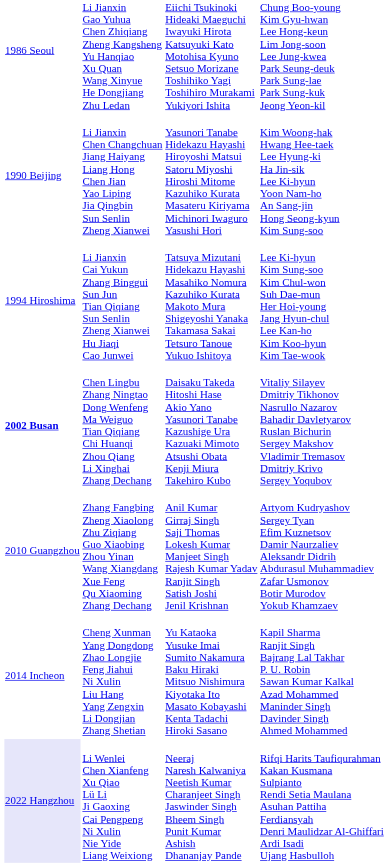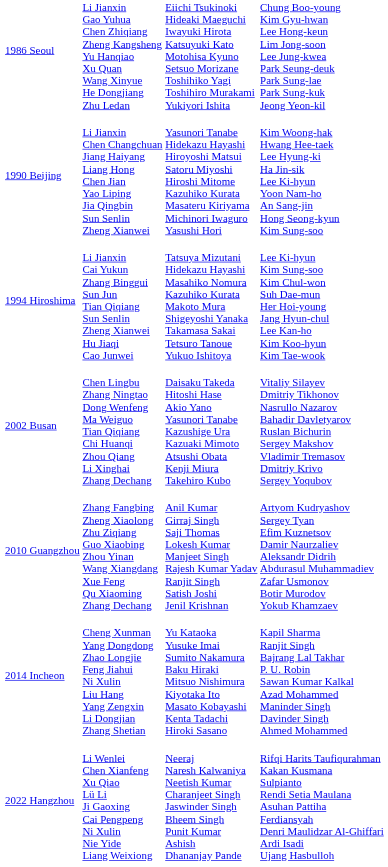 <table>
 <tr>
 <td><a href='#'>1986 Seoul</a></td>
 <td><br><a href='#'>Li Jianxin</a><br><a href='#'>Gao Yuhua</a><br><a href='#'>Chen Zhiqiang</a><br><a href='#'>Zheng Kangsheng</a><br><a href='#'>Yu Hanqiao</a><br><a href='#'>Xu Quan</a><br><a href='#'>Wang Xinyue</a><br><a href='#'>He Dongjiang</a><br><a href='#'>Zhu Ledan</a></td>
 <td><br><a href='#'>Eiichi Tsukinoki</a><br><a href='#'>Hideaki Maeguchi</a><br><a href='#'>Iwayuki Hirota</a><br><a href='#'>Katsuyuki Kato</a><br><a href='#'>Motohisa Kyuno</a><br><a href='#'>Setsuo Morizane</a><br><a href='#'>Toshihiko Yagi</a><br><a href='#'>Toshihiro Murakami</a><br><a href='#'>Yukiyori Ishita</a></td>
 <td><br><a href='#'>Chung Boo-young</a><br><a href='#'>Kim Gyu-hwan</a><br><a href='#'>Lee Hong-keun</a><br><a href='#'>Lim Jong-soon</a><br><a href='#'>Lee Jung-kwea</a><br><a href='#'>Park Seung-deuk</a><br><a href='#'>Park Sung-lae</a><br><a href='#'>Park Sung-kuk</a><br><a href='#'>Jeong Yeon-kil</a></td>
 </tr>
 <tr>
 <td><a href='#'>1990 Beijing</a></td>
 <td><br><a href='#'>Li Jianxin</a><br><a href='#'>Chen Changchuan</a><br><a href='#'>Jiang Haiyang</a><br><a href='#'>Liang Hong</a><br><a href='#'>Chen Jian</a><br><a href='#'>Yao Liping</a><br><a href='#'>Jia Qingbin</a><br><a href='#'>Sun Senlin</a><br><a href='#'>Zheng Xianwei</a></td>
 <td><br><a href='#'>Yasunori Tanabe</a><br><a href='#'>Hidekazu Hayashi</a><br><a href='#'>Hiroyoshi Matsui</a><br><a href='#'>Satoru Miyoshi</a><br><a href='#'>Hiroshi Mitome</a><br><a href='#'>Kazuhiko Kurata</a><br><a href='#'>Masateru Kiriyama</a><br><a href='#'>Michinori Iwaguro</a><br><a href='#'>Yasushi Hori</a></td>
 <td><br><a href='#'>Kim Woong-hak</a><br><a href='#'>Hwang Hee-taek</a><br><a href='#'>Lee Hyung-ki</a><br><a href='#'>Ha Jin-sik</a><br><a href='#'>Lee Ki-hyun</a><br><a href='#'>Yoon Nam-ho</a><br><a href='#'>An Sang-jin</a><br><a href='#'>Hong Seong-kyun</a><br><a href='#'>Kim Sung-soo</a></td>
 </tr>
 <tr>
 <td><a href='#'>1994 Hiroshima</a></td>
 <td><br><a href='#'>Li Jianxin</a><br><a href='#'>Cai Yukun</a><br><a href='#'>Zhang Binggui</a><br><a href='#'>Sun Jun</a><br><a href='#'>Tian Qiqiang</a><br><a href='#'>Sun Senlin</a><br><a href='#'>Zheng Xianwei</a><br><a href='#'>Hu Jiaqi</a><br><a href='#'>Cao Junwei</a></td>
 <td><br><a href='#'>Tatsuya Mizutani</a><br><a href='#'>Hidekazu Hayashi</a><br><a href='#'>Masahiko Nomura</a><br><a href='#'>Kazuhiko Kurata</a><br><a href='#'>Makoto Mura</a><br><a href='#'>Shigeyoshi Yanaka</a><br><a href='#'>Takamasa Sakai</a><br><a href='#'>Tetsuro Tanoue</a><br><a href='#'>Yukuo Ishitoya</a></td>
 <td><br><a href='#'>Lee Ki-hyun</a><br><a href='#'>Kim Sung-soo</a><br><a href='#'>Kim Chul-won</a><br><a href='#'>Suh Dae-mun</a><br><a href='#'>Her Hoi-young</a><br><a href='#'>Jang Hyun-chul</a><br><a href='#'>Lee Kan-ho</a><br><a href='#'>Kim Koo-hyun</a><br><a href='#'>Kim Tae-wook</a></td>
 </tr>
 <tr>
-<td><strong><a href='#'>2002 Busan</a></strong></td>
+<td><a href='#'>2002 Busan</a></td>
 <td><br><a href='#'>Chen Lingbu</a><br><a href='#'>Zhang Ningtao</a><br><a href='#'>Dong Wenfeng</a><br><a href='#'>Ma Weiguo</a><br><a href='#'>Tian Qiqiang</a><br><a href='#'>Chi Huanqi</a><br><a href='#'>Zhou Qiang</a><br><a href='#'>Li Xinghai</a><br><a href='#'>Zhang Dechang</a></td>
 <td><br><a href='#'>Daisaku Takeda</a><br><a href='#'>Hitoshi Hase</a><br><a href='#'>Akio Yano</a><br><a href='#'>Yasunori Tanabe</a><br><a href='#'>Kazushige Ura</a><br><a href='#'>Kazuaki Mimoto</a><br><a href='#'>Atsushi Obata</a><br><a href='#'>Kenji Miura</a><br><a href='#'>Takehiro Kubo</a></td>
 <td><br><a href='#'>Vitaliy Silayev</a><br><a href='#'>Dmitriy Tikhonov</a><br><a href='#'>Nasrullo Nazarov</a><br><a href='#'>Bahadir Davletyarov</a><br><a href='#'>Ruslan Bichurin</a><br><a href='#'>Sergey Makshov</a><br><a href='#'>Vladimir Tremasov</a><br><a href='#'>Dmitriy Krivo</a><br><a href='#'>Sergey Yoqubov</a></td>
 </tr>
 <tr>
 <td><a href='#'>2010 Guangzhou</a></td>
 <td><br><a href='#'>Zhang Fangbing</a><br><a href='#'>Zheng Xiaolong</a><br><a href='#'>Zhu Ziqiang</a><br><a href='#'>Guo Xiaobing</a><br><a href='#'>Zhou Yinan</a><br><a href='#'>Wang Xiangdang</a><br><a href='#'>Xue Feng</a><br><a href='#'>Qu Xiaoming</a><br><a href='#'>Zhang Dechang</a></td>
 <td><br><a href='#'>Anil Kumar</a><br><a href='#'>Girraj Singh</a><br><a href='#'>Saji Thomas</a><br><a href='#'>Lokesh Kumar</a><br><a href='#'>Manjeet Singh</a><br><a href='#'>Rajesh Kumar Yadav</a><br><a href='#'>Ranjit Singh</a><br><a href='#'>Satish Joshi</a><br><a href='#'>Jenil Krishnan</a></td>
 <td><br><a href='#'>Artyom Kudryashov</a><br><a href='#'>Sergey Tyan</a><br><a href='#'>Efim Kuznetsov</a><br><a href='#'>Damir Naurzaliev</a><br><a href='#'>Aleksandr Didrih</a><br><a href='#'>Abdurasul Muhammadiev</a><br><a href='#'>Zafar Usmonov</a><br><a href='#'>Botir Murodov</a><br><a href='#'>Yokub Khamzaev</a></td>
 </tr>
 <tr>
 <td><a href='#'>2014 Incheon</a></td>
 <td><br><a href='#'>Cheng Xunman</a><br><a href='#'>Yang Dongdong</a><br><a href='#'>Zhao Longjie</a><br><a href='#'>Feng Jiahui</a><br><a href='#'>Ni Xulin</a><br><a href='#'>Liu Hang</a><br><a href='#'>Yang Zengxin</a><br><a href='#'>Li Dongjian</a><br><a href='#'>Zhang Shetian</a></td>
 <td><br><a href='#'>Yu Kataoka</a><br><a href='#'>Yusuke Imai</a><br><a href='#'>Sumito Nakamura</a><br><a href='#'>Baku Hiraki</a><br><a href='#'>Mitsuo Nishimura</a><br><a href='#'>Kiyotaka Ito</a><br><a href='#'>Masato Kobayashi</a><br><a href='#'>Kenta Tadachi</a><br><a href='#'>Hiroki Sasano</a></td>
 <td><br><a href='#'>Kapil Sharma</a><br><a href='#'>Ranjit Singh</a><br><a href='#'>Bajrang Lal Takhar</a><br><a href='#'>P. U. Robin</a><br><a href='#'>Sawan Kumar Kalkal</a><br><a href='#'>Azad Mohammed</a><br><a href='#'>Maninder Singh</a><br><a href='#'>Davinder Singh</a><br><a href='#'>Ahmed Mohammed</a></td>
 </tr>
 <tr>
-<td style="background: lavender;"><a href='#'>2022 Hangzhou</a></td>
+<td><a href='#'>2022 Hangzhou</a></td>
 <td><br><a href='#'>Li Wenlei</a><br><a href='#'>Chen Xianfeng</a><br><a href='#'>Xu Qiao</a><br><a href='#'>Lü Li</a><br><a href='#'>Ji Gaoxing</a><br><a href='#'>Cai Pengpeng</a><br><a href='#'>Ni Xulin</a><br><a href='#'>Nie Yide</a><br><a href='#'>Liang Weixiong</a></td>
 <td><br><a href='#'>Neeraj</a><br><a href='#'>Naresh Kalwaniya</a><br><a href='#'>Neetish Kumar</a><br><a href='#'>Charanjeet Singh</a><br><a href='#'>Jaswinder Singh</a><br><a href='#'>Bheem Singh</a><br><a href='#'>Punit Kumar</a><br><a href='#'>Ashish</a><br><a href='#'>Dhananjay Pande</a></td>
 <td><br><a href='#'>Rifqi Harits Taufiqurahman</a><br><a href='#'>Kakan Kusmana</a><br><a href='#'>Sulpianto</a><br><a href='#'>Rendi Setia Maulana</a><br><a href='#'>Asuhan Pattiha</a><br><a href='#'>Ferdiansyah</a><br><a href='#'>Denri Maulidzar Al-Ghiffari</a><br><a href='#'>Ardi Isadi</a><br><a href='#'>Ujang Hasbulloh</a></td>
 </tr>
 </table>
